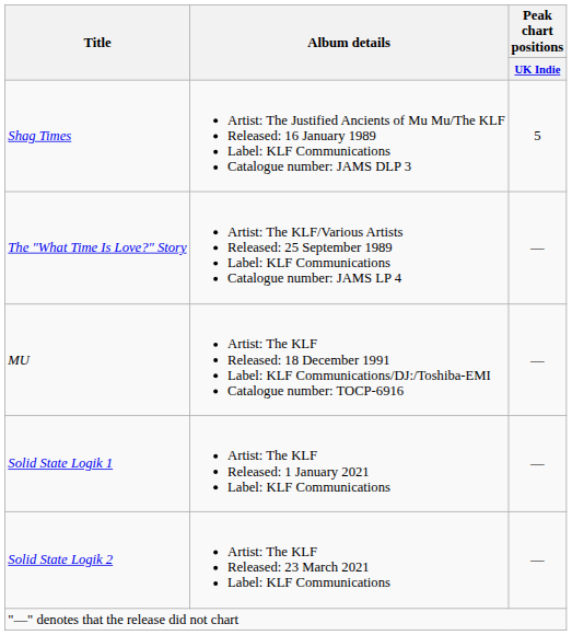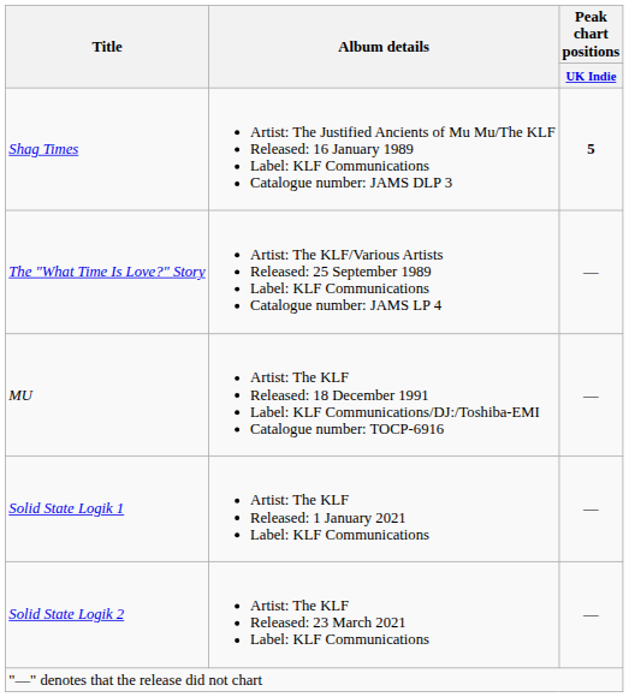 <table class="wikitable">
 <tr>
 <th rowspan="2">Title</th>
 <th rowspan="2">Album details</th>
 <th>Peak chart positions</th>
 </tr>
 <tr>
 <th width="35"><small><a href='#'>UK Indie</a></small><br></th>
 </tr>
 <tr>
 <td><em><a href='#'>Shag Times</a></em></td>
 <td><br><ul><li>Artist: The Justified Ancients of Mu Mu/The KLF</li><li>Released: 16 January 1989</li><li>Label: KLF Communications</li><li>Catalogue number: JAMS DLP 3</li></ul></td>
-<td align="center">5</td>
+<td align="center"><strong>5</strong></td>
 </tr>
 <tr>
 <td><em><a href='#'>The "What Time Is Love?" Story</a></em></td>
 <td><br><ul><li>Artist: The KLF/Various Artists</li><li>Released: 25 September 1989</li><li>Label: KLF Communications</li><li>Catalogue number: JAMS LP 4</li></ul></td>
 <td align="center">—</td>
 </tr>
 <tr>
 <td><em>MU</em></td>
 <td><br><ul><li>Artist: The KLF</li><li>Released: 18 December 1991</li><li>Label: KLF Communications/DJ:/Toshiba-EMI</li><li>Catalogue number: TOCP-6916</li></ul></td>
 <td align="center">—</td>
 </tr>
 <tr>
 <td><em><a href='#'>Solid State Logik 1</a></em></td>
 <td><br><ul><li>Artist: The KLF</li><li>Released: 1 January 2021</li><li>Label: KLF Communications</li></ul></td>
 <td align="center">—</td>
 </tr>
 <tr>
 <td><em><a href='#'>Solid State Logik 2</a></em></td>
 <td><br><ul><li>Artist: The KLF</li><li>Released: 23 March 2021</li><li>Label: KLF Communications</li></ul></td>
 <td align="center">—</td>
 </tr>
 <tr>
 <td colspan="4">"—" denotes that the release did not chart</td>
 </tr>
 </table>
